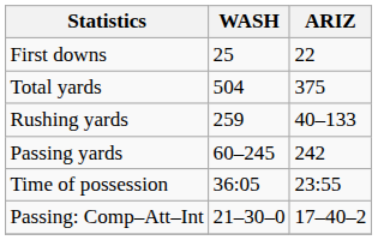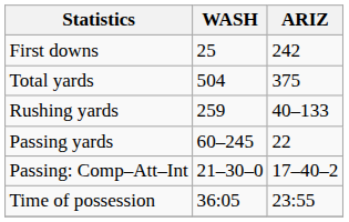 <table class="wikitable" style="float: left;">
 <tr>
 <th>Statistics</th>
 <th>WASH</th>
 <th>ARIZ</th>
 </tr>
 <tr>
 <td>First downs</td>
 <td>25</td>
-<td>22</td>
+<td>242</td>
 </tr>
 <tr>
 <td>Total yards</td>
 <td>504</td>
 <td>375</td>
 </tr>
 <tr>
 <td>Rushing yards</td>
 <td>259</td>
 <td>40–133</td>
 </tr>
 <tr>
 <td>Passing yards</td>
 <td>60–245</td>
-<td>242</td>
+<td>22</td>
+</tr>
+<tr>
+<td>Passing: Comp–Att–Int</td>
+<td>21–30–0</td>
+<td>17–40–2</td>
 </tr>
 <tr>
 <td>Time of possession</td>
 <td>36:05</td>
 <td>23:55</td>
 </tr>
 <tr>
-<td>Passing: Comp–Att–Int</td>
-<td>21–30–0</td>
-<td>17–40–2</td>
-</tr>
-<tr>
 </tr>
 </table>
